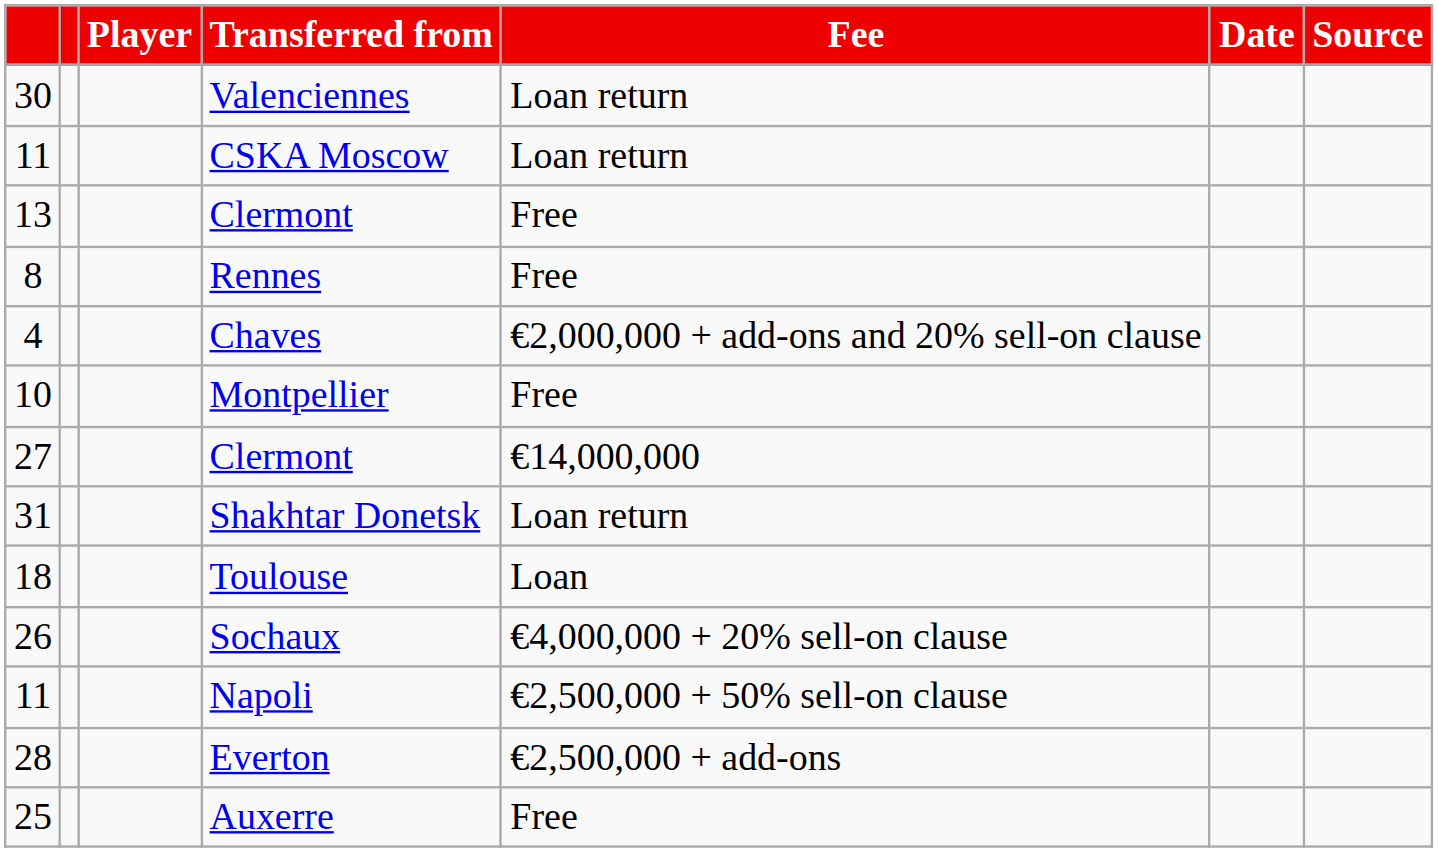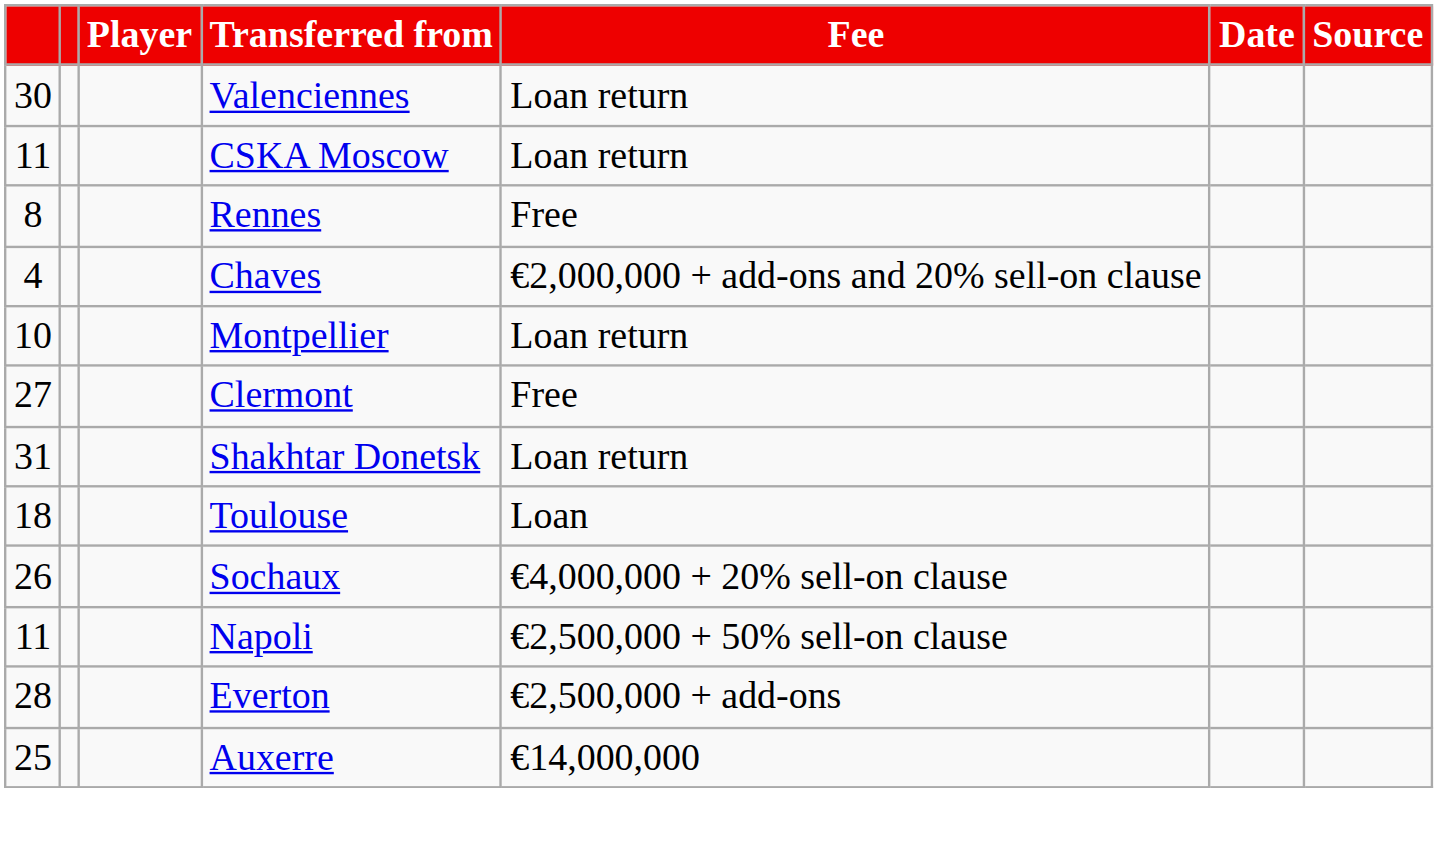 <table class="wikitable plainrowheaders sortable">
 <tr>
 <th style="background:#EE0000; color:#ffffff; "></th>
 <th style="background:#EE0000; color:#ffffff; "></th>
 <th style="background:#EE0000; color:#ffffff; ">Player</th>
 <th style="background:#EE0000; color:#ffffff; ">Transferred from</th>
 <th style="background:#EE0000; color:#ffffff; ">Fee</th>
 <th style="background:#EE0000; color:#ffffff; ">Date</th>
 <th style="background:#EE0000; color:#ffffff; ">Source</th>
 </tr>
 <tr>
 <td align=center>30</td>
 <td align=center></td>
 <td></td>
 <td> <a href='#'>Valenciennes</a></td>
 <td>Loan return</td>
 <td></td>
 <td></td>
 </tr>
 <tr>
 <td align=center>11</td>
 <td align=center></td>
 <td></td>
 <td> <a href='#'>CSKA Moscow</a></td>
 <td>Loan return</td>
 <td></td>
 <td></td>
 </tr>
 <tr>
-<td align=center>13</td>
-<td align=center></td>
-<td></td>
-<td> <a href='#'>Clermont</a></td>
-<td>Free</td>
-<td></td>
-<td></td>
-</tr>
-<tr>
 <td align=center>8</td>
 <td align=center></td>
 <td></td>
 <td> <a href='#'>Rennes</a></td>
 <td>Free</td>
 <td></td>
 <td></td>
 </tr>
 <tr>
 <td align=center>4</td>
 <td align=center></td>
 <td></td>
 <td> <a href='#'>Chaves</a></td>
 <td>€2,000,000 + add-ons and 20% sell-on clause</td>
 <td></td>
 <td></td>
 </tr>
 <tr>
 <td align=center>10</td>
 <td align=center></td>
 <td></td>
 <td> <a href='#'>Montpellier</a></td>
-<td>Free</td>
+<td>Loan return</td>
 <td></td>
 <td></td>
 </tr>
 <tr>
 <td align=center>27</td>
 <td align=center></td>
 <td></td>
 <td> <a href='#'>Clermont</a></td>
-<td>€14,000,000</td>
+<td>Free</td>
 <td></td>
 <td></td>
 </tr>
 <tr>
 <td align=center>31</td>
 <td align=center></td>
 <td></td>
 <td> <a href='#'>Shakhtar Donetsk</a></td>
 <td>Loan return</td>
 <td></td>
 <td></td>
 </tr>
 <tr>
 <td align=center>18</td>
 <td align=center></td>
 <td></td>
 <td> <a href='#'>Toulouse</a></td>
 <td>Loan</td>
 <td></td>
 <td></td>
 </tr>
 <tr>
 <td align=center>26</td>
 <td align=center></td>
 <td></td>
 <td> <a href='#'>Sochaux</a></td>
 <td>€4,000,000 + 20% sell-on clause</td>
 <td></td>
 <td></td>
 </tr>
 <tr>
 <td align=center>11</td>
 <td align=center></td>
 <td></td>
 <td> <a href='#'>Napoli</a></td>
 <td>€2,500,000 + 50% sell-on clause</td>
 <td></td>
 <td></td>
 </tr>
 <tr>
 <td align=center>28</td>
 <td align=center></td>
 <td></td>
 <td> <a href='#'>Everton</a></td>
 <td>€2,500,000 + add-ons</td>
 <td></td>
 <td></td>
 </tr>
 <tr>
 <td align=center>25</td>
 <td align=center></td>
 <td></td>
 <td> <a href='#'>Auxerre</a></td>
-<td>Free</td>
+<td>€14,000,000</td>
 <td></td>
 <td></td>
 </tr>
 </table>
